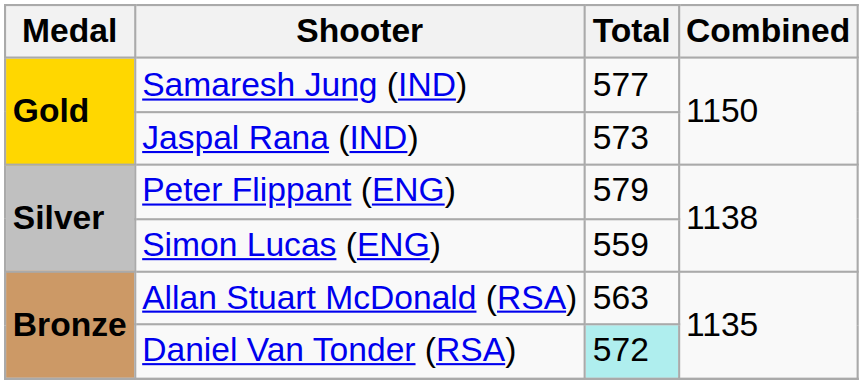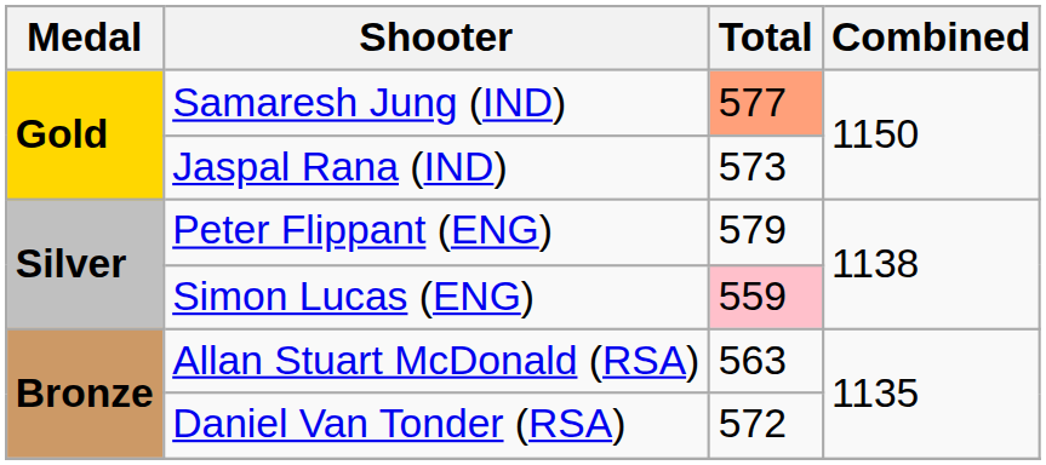 <table class="wikitable">
 <tr>
 <th>Medal</th>
 <th>Shooter</th>
 <th>Total</th>
 <th>Combined</th>
 </tr>
 <tr>
 <td rowspan="2" bgcolor="gold"><strong>Gold</strong></td>
 <td> <a href='#'>Samaresh Jung</a> (<a href='#'>IND</a>)</td>
-<td>577</td>
+<td style="background: lightsalmon;">577</td>
 <td rowspan="2">1150</td>
 </tr>
 <tr>
 <td> <a href='#'>Jaspal Rana</a> (<a href='#'>IND</a>)</td>
 <td>573</td>
 </tr>
 <tr>
 <td rowspan="2" bgcolor="silver"><strong>Silver</strong></td>
 <td> <a href='#'>Peter Flippant</a> (<a href='#'>ENG</a>)</td>
 <td>579</td>
 <td rowspan="2">1138</td>
 </tr>
 <tr>
 <td> <a href='#'>Simon Lucas</a> (<a href='#'>ENG</a>)</td>
-<td>559</td>
+<td style="background: pink;">559</td>
 </tr>
 <tr>
 <td rowspan="2" bgcolor="cc9966"><strong>Bronze</strong></td>
 <td> <a href='#'>Allan Stuart McDonald</a> (<a href='#'>RSA</a>)</td>
 <td>563</td>
 <td rowspan="2">1135</td>
 </tr>
 <tr>
 <td> <a href='#'>Daniel Van Tonder</a> (<a href='#'>RSA</a>)</td>
-<td style="background: paleturquoise;">572</td>
+<td>572</td>
 </tr>
 <tr>
 </tr>
 </table>
